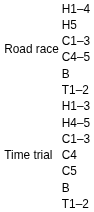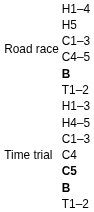 <table>
 <tr>
 <td rowspan=6>Road race<br></td>
 <td>H1–4<br></td>
 <td></td>
 <td></td>
 <td></td>
 </tr>
 <tr>
 <td>H5<br></td>
 <td></td>
 <td></td>
 <td></td>
 </tr>
 <tr>
 <td>C1–3<br></td>
 <td></td>
 <td></td>
 <td></td>
 </tr>
 <tr>
 <td>C4–5<br></td>
 <td></td>
 <td></td>
 <td></td>
 </tr>
 <tr>
-<td>B<br></td>
+<td><strong>B<br></strong></td>
 <td></td>
 <td></td>
 <td></td>
 </tr>
 <tr>
 <td>T1–2<br></td>
 <td></td>
 <td></td>
 <td></td>
 </tr>
 <tr>
 <td rowspan=7>Time trial<br></td>
 <td>H1–3<br></td>
 <td></td>
 <td></td>
 <td></td>
 </tr>
 <tr>
 <td>H4–5<br></td>
 <td></td>
 <td></td>
 <td></td>
 </tr>
 <tr>
 <td>C1–3<br></td>
 <td></td>
 <td></td>
 <td></td>
 </tr>
 <tr>
 <td>C4<br></td>
 <td></td>
 <td></td>
 <td></td>
 </tr>
 <tr>
-<td>C5<br></td>
+<td><strong>C5<br></strong></td>
 <td></td>
 <td></td>
 <td></td>
 </tr>
 <tr>
-<td>B<br></td>
+<td><strong>B<br></strong></td>
 <td></td>
 <td></td>
 <td></td>
 </tr>
 <tr>
 <td>T1–2<br></td>
 <td></td>
 <td></td>
 <td></td>
 </tr>
 </table>
